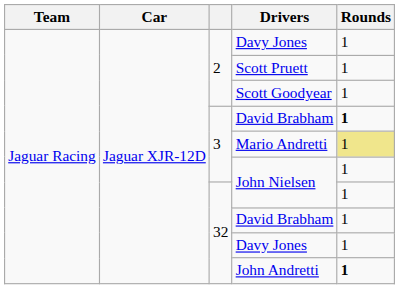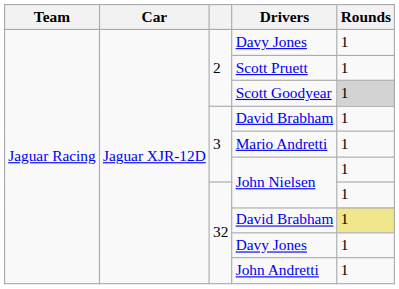 <table class="wikitable" style="font-size: 85%">
 <tr>
 <th>Team</th>
 <th>Car</th>
 <th></th>
 <th>Drivers</th>
 <th>Rounds</th>
 </tr>
 <tr>
 <td rowspan="10"> <a href='#'>Jaguar Racing</a></td>
 <td rowspan="10"><a href='#'>Jaguar XJR-12D</a></td>
 <td rowspan="3">2</td>
 <td> <a href='#'>Davy Jones</a></td>
 <td>1</td>
 </tr>
 <tr>
 <td> <a href='#'>Scott Pruett</a></td>
 <td>1</td>
 </tr>
 <tr>
 <td> <a href='#'>Scott Goodyear</a></td>
-<td>1</td>
+<td style="background: lightgrey;">1</td>
 </tr>
 <tr>
 <td rowspan="3">3</td>
 <td> <a href='#'>David Brabham</a></td>
-<td><strong>1</strong></td>
+<td>1</td>
 </tr>
 <tr>
 <td> <a href='#'>Mario Andretti</a></td>
-<td style="background: khaki;">1</td>
+<td>1</td>
 </tr>
 <tr>
 <td rowspan="2"> <a href='#'>John Nielsen</a></td>
 <td>1</td>
 </tr>
 <tr>
 <td rowspan="4">32</td>
 <td>1</td>
 </tr>
 <tr>
 <td> <a href='#'>David Brabham</a></td>
-<td>1</td>
+<td style="background: khaki;">1</td>
 </tr>
 <tr>
 <td> <a href='#'>Davy Jones</a></td>
 <td>1</td>
 </tr>
 <tr>
 <td> <a href='#'>John Andretti</a></td>
-<td><strong>1</strong></td>
+<td>1</td>
 </tr>
 </table>
